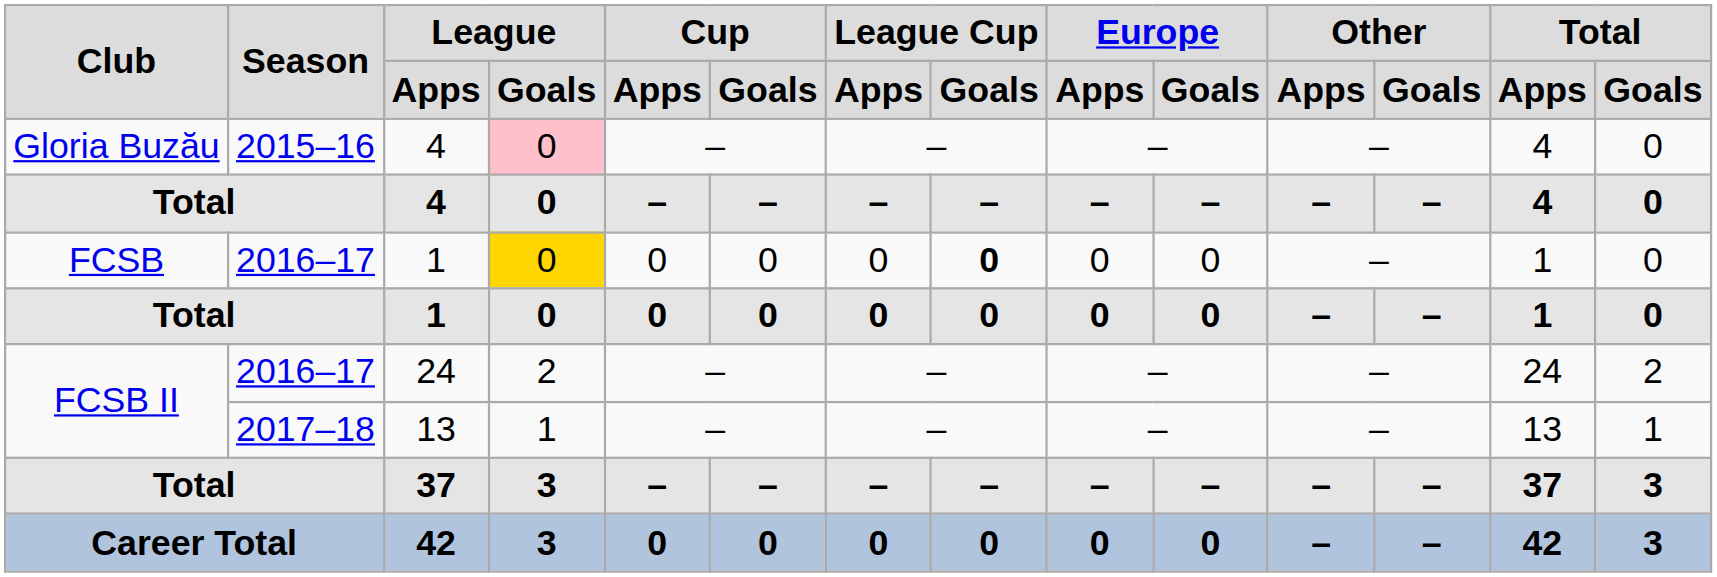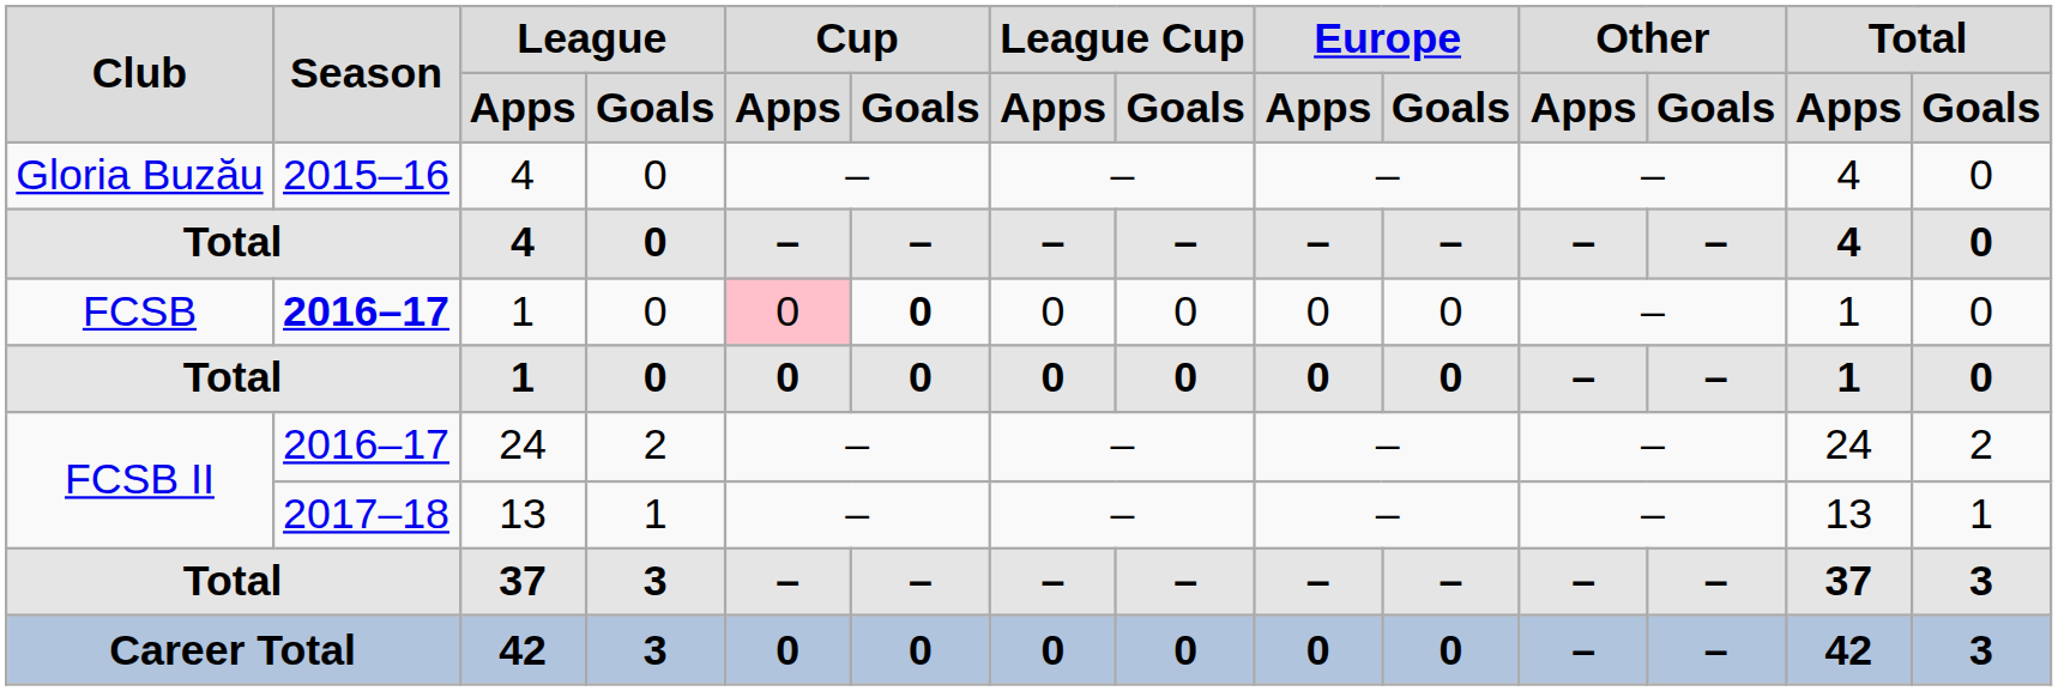 <table class="wikitable" style="text-align: center;">
 <tr>
 <th style="background: #DCDCDC; text-align: center" rowspan="2"><strong>Club</strong></th>
 <th style="background: #DCDCDC; text-align: center" rowspan="2"><strong>Season</strong></th>
 <th style="background: #DCDCDC; text-align: center" colspan="2"><strong>League</strong></th>
 <th style="background: #DCDCDC; text-align: center" colspan="2"><strong>Cup</strong></th>
 <th style="background: #DCDCDC; text-align: center" colspan="2"><strong>League Cup</strong></th>
 <th style="background: #DCDCDC; text-align: center" colspan="2"><a href='#'>Europe</a></th>
 <th style="background: #DCDCDC; text-align: center" colspan="2"><strong>Other</strong></th>
 <th style="background: #DCDCDC; text-align: center" colspan="3"><strong>Total</strong></th>
 </tr>
 <tr>
 <th style="background:#dcdcdc; text-align:center;">Apps</th>
 <th style="background:#dcdcdc; text-align:center;">Goals</th>
 <th style="background:#dcdcdc; text-align:center;">Apps</th>
 <th style="background:#dcdcdc; text-align:center;">Goals</th>
 <th style="background:#dcdcdc; text-align:center;">Apps</th>
 <th style="background:#dcdcdc; text-align:center;">Goals</th>
 <th style="background:#dcdcdc; text-align:center;">Apps</th>
 <th style="background:#dcdcdc; text-align:center;">Goals</th>
 <th style="background:#dcdcdc; text-align:center;">Apps</th>
 <th style="background:#dcdcdc; text-align:center;">Goals</th>
 <th style="background:#dcdcdc; text-align:center;">Apps</th>
 <th style="background:#dcdcdc; text-align:center;">Goals</th>
 </tr>
 <tr>
 <td rowspan="1"><a href='#'>Gloria Buzău</a></td>
 <td><a href='#'>2015–16</a></td>
 <td>4</td>
-<td style="background: pink;">0</td>
+<td>0</td>
 <td rowspan=1 colspan="2">–</td>
 <td rowspan=1 colspan="2">–</td>
 <td rowspan=1 colspan="2">–</td>
 <td rowspan=1 colspan="2">–</td>
 <td>4</td>
 <td>0</td>
 </tr>
 <tr>
 <th style="background: #E5E5E5; text-align: center" colspan="2">Total</th>
 <th style="background:#e5e5e5; text-align:center;">4</th>
 <th style="background:#e5e5e5; text-align:center;">0</th>
 <th style="background:#e5e5e5; text-align:center;">–</th>
 <th style="background:#e5e5e5; text-align:center;">–</th>
 <th style="background:#e5e5e5; text-align:center;">–</th>
 <th style="background:#e5e5e5; text-align:center;">–</th>
 <th style="background:#e5e5e5; text-align:center;">–</th>
 <th style="background:#e5e5e5; text-align:center;">–</th>
 <th style="background:#e5e5e5; text-align:center;">–</th>
 <th style="background:#e5e5e5; text-align:center;">–</th>
 <th style="background:#e5e5e5; text-align:center;">4</th>
 <th style="background:#e5e5e5; text-align:center;">0</th>
 </tr>
 <tr>
 <td rowspan="1"><a href='#'>FCSB</a></td>
-<td><a href='#'>2016–17</a></td>
+<td><strong><a href='#'>2016–17</a></strong></td>
 <td>1</td>
-<td style="background: gold;">0</td>
+<td>0</td>
+<td style="background: pink;">0</td>
+<td><strong>0</strong></td>
 <td>0</td>
 <td>0</td>
-<td>0</td>
-<td><strong>0</strong></td>
 <td>0</td>
 <td>0</td>
 <td rowspan=1 colspan="2">–</td>
 <td>1</td>
 <td>0</td>
 </tr>
 <tr>
 <th style="background: #E5E5E5; text-align: center" colspan="2">Total</th>
 <th style="background:#e5e5e5; text-align:center;">1</th>
 <th style="background:#e5e5e5; text-align:center;">0</th>
 <th style="background:#e5e5e5; text-align:center;">0</th>
 <th style="background:#e5e5e5; text-align:center;">0</th>
 <th style="background:#e5e5e5; text-align:center;">0</th>
 <th style="background:#e5e5e5; text-align:center;">0</th>
 <th style="background:#e5e5e5; text-align:center;">0</th>
 <th style="background:#e5e5e5; text-align:center;">0</th>
 <th style="background:#e5e5e5; text-align:center;">–</th>
 <th style="background:#e5e5e5; text-align:center;">–</th>
 <th style="background:#e5e5e5; text-align:center;">1</th>
 <th style="background:#e5e5e5; text-align:center;">0</th>
 </tr>
 <tr>
 <td rowspan="2"><a href='#'>FCSB II</a></td>
 <td><a href='#'>2016–17</a></td>
 <td>24</td>
 <td>2</td>
 <td rowspan=1 colspan="2">–</td>
 <td rowspan=1 colspan="2">–</td>
 <td rowspan=1 colspan="2">–</td>
 <td rowspan=1 colspan="2">–</td>
 <td>24</td>
 <td>2</td>
 </tr>
 <tr>
 <td><a href='#'>2017–18</a></td>
 <td>13</td>
 <td>1</td>
 <td rowspan=1 colspan="2">–</td>
 <td rowspan=1 colspan="2">–</td>
 <td rowspan=1 colspan="2">–</td>
 <td rowspan=1 colspan="2">–</td>
 <td>13</td>
 <td>1</td>
 </tr>
 <tr>
 <th style="background: #E5E5E5; text-align: center" colspan="2">Total</th>
 <th style="background:#e5e5e5; text-align:center;">37</th>
 <th style="background:#e5e5e5; text-align:center;">3</th>
 <th style="background:#e5e5e5; text-align:center;">–</th>
 <th style="background:#e5e5e5; text-align:center;">–</th>
 <th style="background:#e5e5e5; text-align:center;">–</th>
 <th style="background:#e5e5e5; text-align:center;">–</th>
 <th style="background:#e5e5e5; text-align:center;">–</th>
 <th style="background:#e5e5e5; text-align:center;">–</th>
 <th style="background:#e5e5e5; text-align:center;">–</th>
 <th style="background:#e5e5e5; text-align:center;">–</th>
 <th style="background:#e5e5e5; text-align:center;">37</th>
 <th style="background:#e5e5e5; text-align:center;">3</th>
 </tr>
 <tr>
 <th style="background: #b0c4de; text-align: center" colspan="2"><strong>Career Total</strong></th>
 <th style="background:#b0c4de; text-align:center;">42</th>
 <th style="background:#b0c4de; text-align:center;">3</th>
 <th style="background:#b0c4de; text-align:center;">0</th>
 <th style="background:#b0c4de; text-align:center;">0</th>
 <th style="background:#b0c4de; text-align:center;">0</th>
 <th style="background:#b0c4de; text-align:center;">0</th>
 <th style="background:#b0c4de; text-align:center;">0</th>
 <th style="background:#b0c4de; text-align:center;">0</th>
 <th style="background:#b0c4de; text-align:center;">–</th>
 <th style="background:#b0c4de; text-align:center;">–</th>
 <th style="background:#b0c4de; text-align:center;">42</th>
 <th style="background:#b0c4de; text-align:center;">3</th>
 </tr>
 </table>
